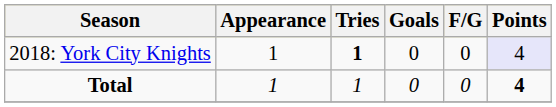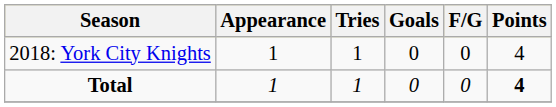 <table class="wikitable" style="text-align:center;">
 <tr bgcolor=#bdb76b>
 <th>Season</th>
 <th>Appearance</th>
 <th>Tries</th>
 <th>Goals</th>
 <th>F/G</th>
 <th>Points</th>
 </tr>
 <tr>
 <td>2018: <a href='#'>York City Knights</a></td>
 <td>1</td>
-<td><strong>1</strong></td>
+<td>1</td>
 <td>0</td>
 <td>0</td>
-<td style="background: lavender;">4</td>
+<td>4</td>
 </tr>
 <tr>
 <td><strong>Total</strong></td>
 <td><em>1</em></td>
 <td><em>1</em></td>
 <td><em>0</em></td>
 <td><em>0</em></td>
 <td><strong>4</strong></td>
 </tr>
 <tr>
 </tr>
 </table>
